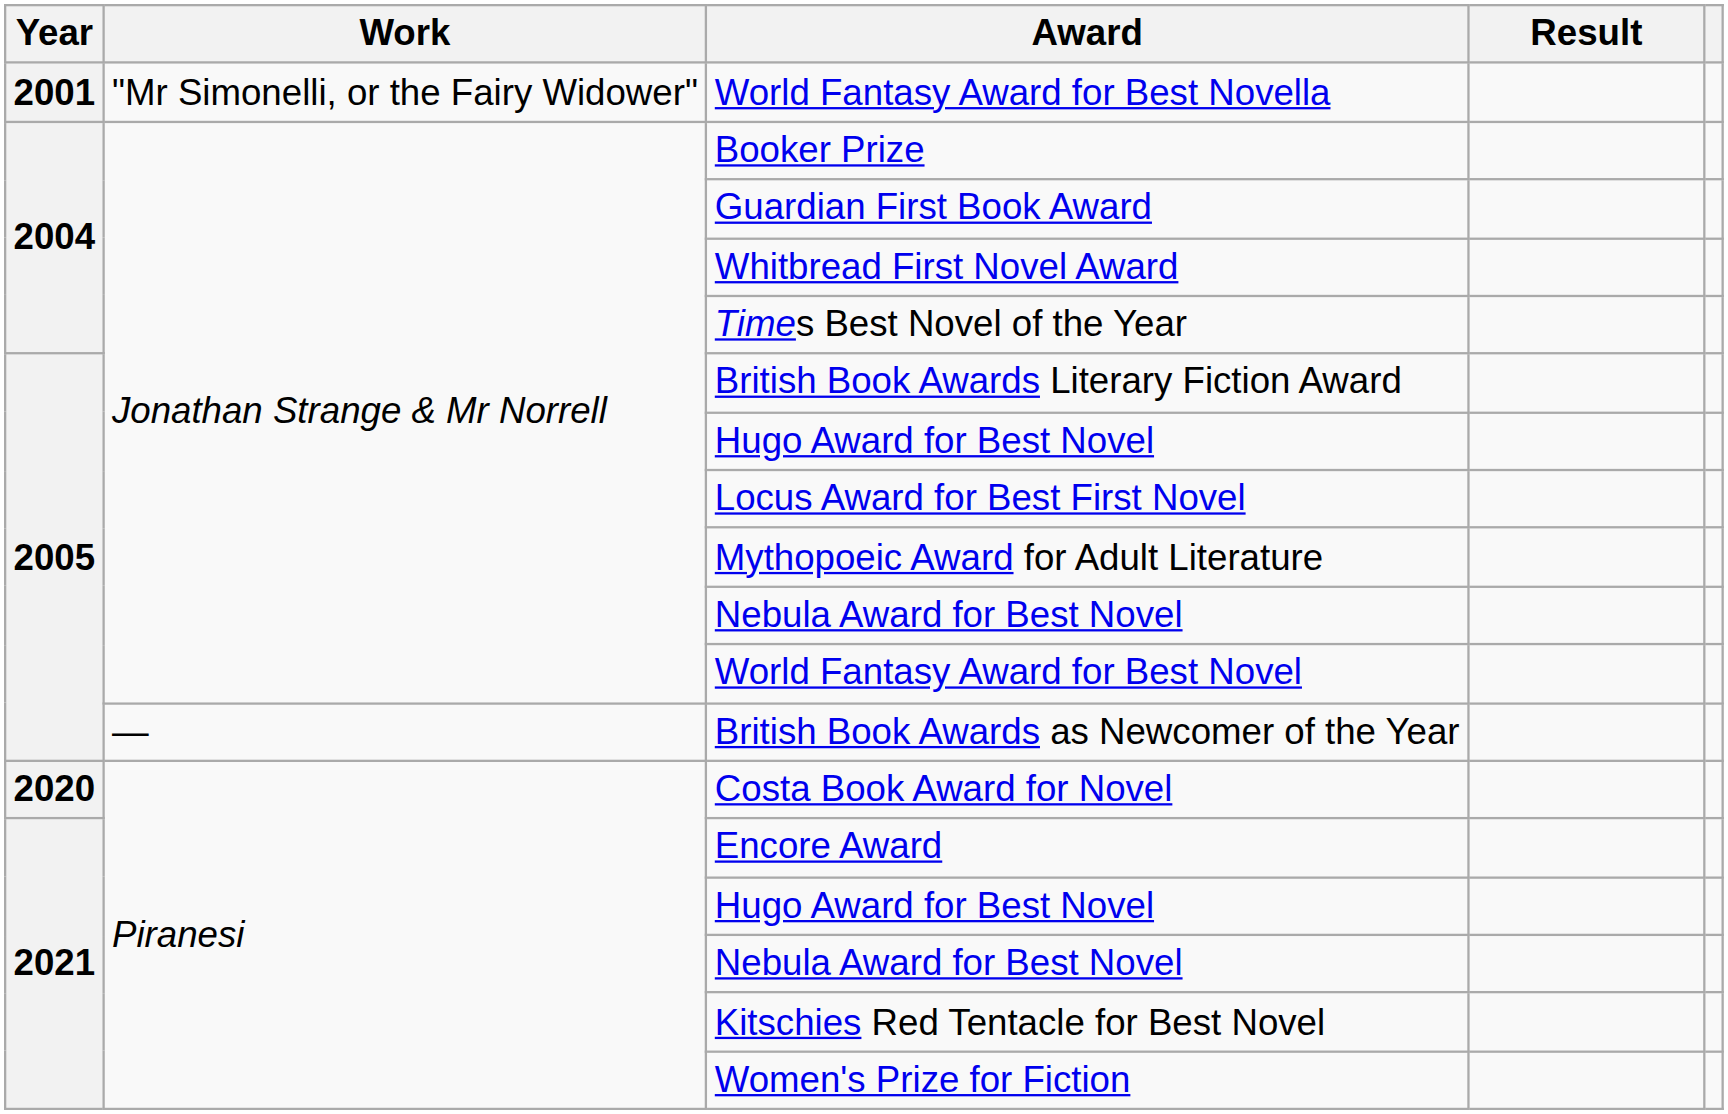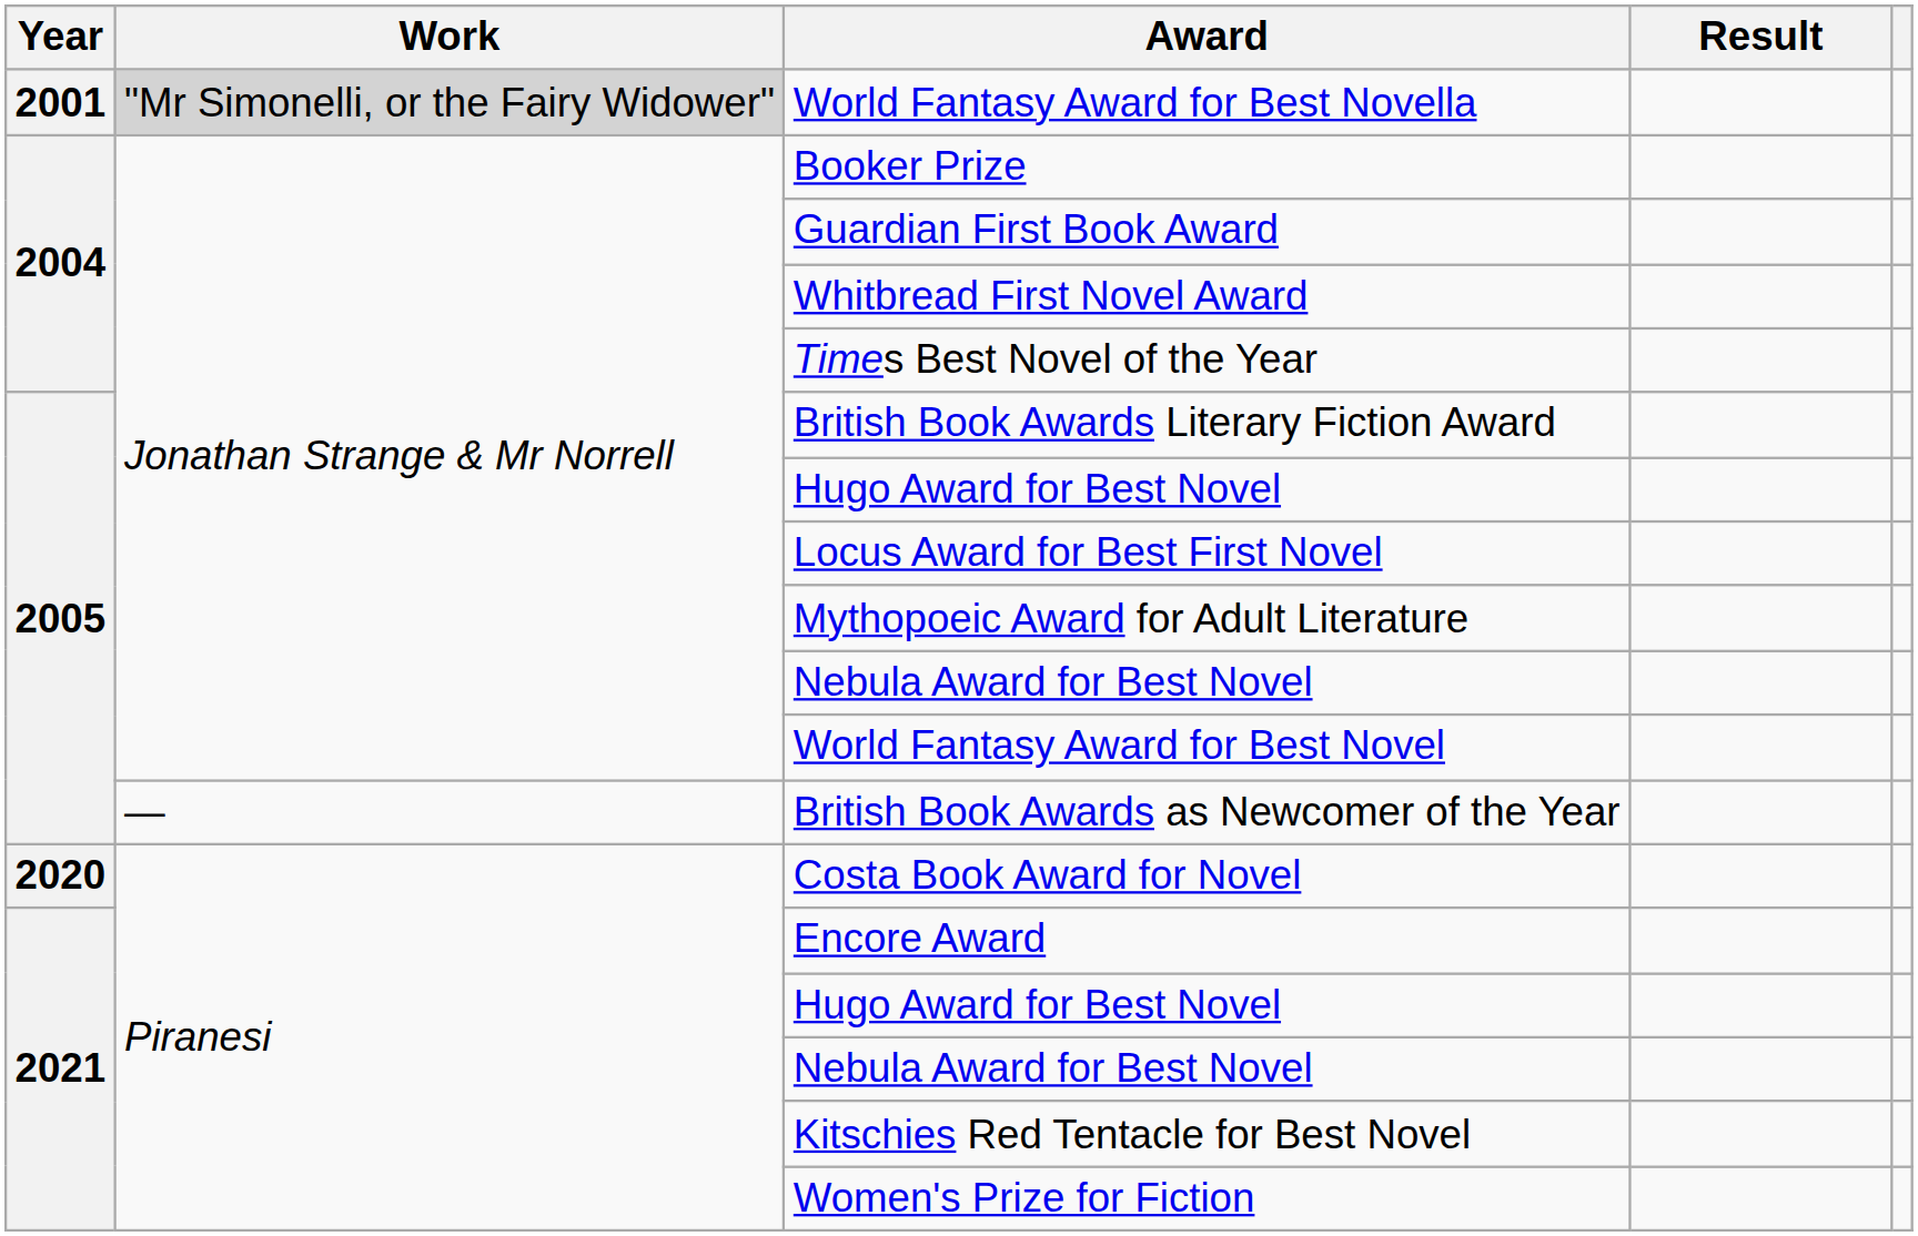 <table class="wikitable sortable">
 <tr>
 <th>Year</th>
 <th>Work</th>
 <th>Award</th>
 <th style="width:6em">Result</th>
 <th class="unsortable"></th>
 </tr>
 <tr>
 <th>2001</th>
-<td>"Mr Simonelli, or the Fairy Widower"</td>
+<td style="background: lightgrey;">"Mr Simonelli, or the Fairy Widower"</td>
 <td><a href='#'>World Fantasy Award for Best Novella</a></td>
 <td></td>
 <td align=center></td>
 </tr>
 <tr>
 <th rowspan="4">2004</th>
 <td rowspan="10"><em>Jonathan Strange & Mr Norrell</em></td>
 <td><a href='#'>Booker Prize</a></td>
 <td></td>
 <td align=center></td>
 </tr>
 <tr>
 <td><a href='#'>Guardian First Book Award</a></td>
 <td></td>
 <td align="center"></td>
 </tr>
 <tr>
 <td><a href='#'>Whitbread First Novel Award</a></td>
 <td></td>
 <td align="center"></td>
 </tr>
 <tr>
 <td><em><a href='#'>Time</a></em>s Best Novel of the Year</td>
 <td></td>
 <td align=center></td>
 </tr>
 <tr>
 <th rowspan="7">2005</th>
 <td><a href='#'>British Book Awards</a> Literary Fiction Award</td>
 <td></td>
 <td align=center></td>
 </tr>
 <tr>
 <td><a href='#'>Hugo Award for Best Novel</a></td>
 <td></td>
 <td align=center></td>
 </tr>
 <tr>
 <td><a href='#'>Locus Award for Best First Novel</a></td>
 <td></td>
 <td align=center></td>
 </tr>
 <tr>
 <td><a href='#'>Mythopoeic Award</a> for Adult Literature</td>
 <td></td>
 <td align=center></td>
 </tr>
 <tr>
 <td><a href='#'>Nebula Award for Best Novel</a></td>
 <td></td>
 <td align="center"></td>
 </tr>
 <tr>
 <td><a href='#'>World Fantasy Award for Best Novel</a></td>
 <td></td>
 <td align="center"></td>
 </tr>
 <tr>
 <td>—</td>
 <td><a href='#'>British Book Awards</a> as Newcomer of the Year</td>
 <td></td>
 <td align=center></td>
 </tr>
 <tr>
 <th>2020</th>
 <td rowspan="6"><em>Piranesi</em></td>
 <td><a href='#'>Costa Book Award for Novel</a></td>
 <td></td>
 <td align=center></td>
 </tr>
 <tr>
 <th rowspan="5">2021</th>
 <td><a href='#'>Encore Award</a></td>
 <td></td>
 <td align="center"></td>
 </tr>
 <tr>
 <td><a href='#'>Hugo Award for Best Novel</a></td>
 <td></td>
 <td align="center"></td>
 </tr>
 <tr>
 <td><a href='#'>Nebula Award for Best Novel</a></td>
 <td></td>
 <td align="center"></td>
 </tr>
 <tr>
 <td><a href='#'>Kitschies</a> Red Tentacle for Best Novel</td>
 <td></td>
 <td align=center></td>
 </tr>
 <tr>
 <td><a href='#'>Women's Prize for Fiction</a></td>
 <td></td>
 <td align="center"></td>
 </tr>
 </table>
